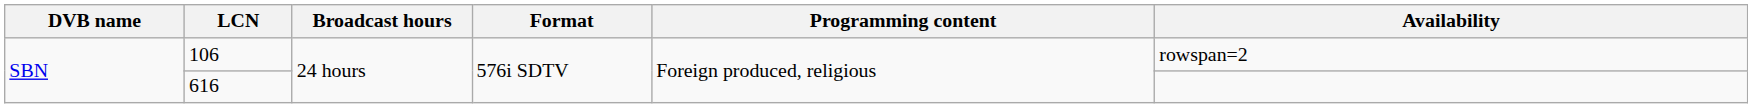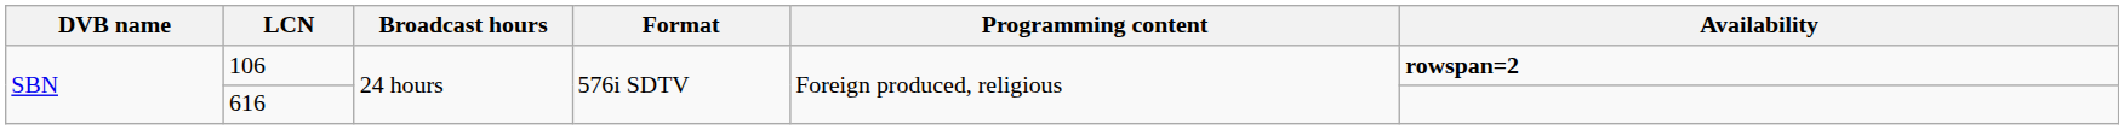 <table class="wikitable" style="font-size:90%; width:100%;">
 <tr>
 <th width="10%">DVB name</th>
 <th width="6%">LCN</th>
 <th width="10%">Broadcast hours</th>
 <th width="10%">Format</th>
 <th width="28%">Programming content</th>
 <th width="33%">Availability</th>
 </tr>
 <tr>
 <td rowspan=2><a href='#'>SBN</a></td>
 <td>106</td>
 <td rowspan=2>24 hours</td>
 <td rowspan=2>576i SDTV</td>
 <td rowspan=2>Foreign produced, religious</td>
-<td>rowspan=2 </td>
+<td><strong>rowspan=2 </strong></td>
 </tr>
 <tr>
 <td>616</td>
 </tr>
 </table>
